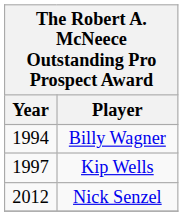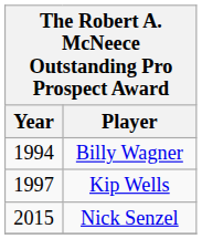 <table class="wikitable" style="display: inline-table; margin-right: 20px; text-align:center">
 <tr>
 <th scope="col" colspan="2" style="width: 145px;">The Robert A. McNeece Outstanding Pro Prospect Award</th>
 </tr>
 <tr>
 <th scope="col">Year</th>
 <th scope="col">Player</th>
 </tr>
 <tr>
 <td>1994</td>
 <td><a href='#'>Billy Wagner</a></td>
 </tr>
 <tr>
 <td>1997</td>
 <td><a href='#'>Kip Wells</a></td>
 </tr>
 <tr>
-<td>2012</td>
+<td>2015</td>
 <td><a href='#'>Nick Senzel</a></td>
 </tr>
 <tr>
 </tr>
 </table>
